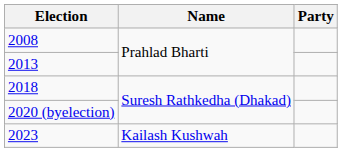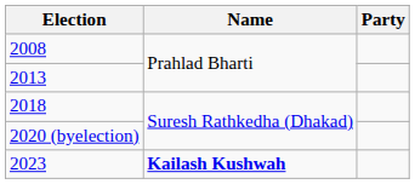 <table class="wikitable sortable">
 <tr>
 <th>Election</th>
 <th>Name</th>
 <th colspan="2">Party</th>
 </tr>
 <tr>
 <td><a href='#'>2008</a></td>
 <td rowspan= 2>Prahlad Bharti</td>
 <td></td>
 </tr>
 <tr>
 <td><a href='#'>2013</a></td>
 </tr>
 <tr>
 <td><a href='#'>2018</a></td>
 <td rowspan=2><a href='#'>Suresh Rathkedha (Dhakad)</a></td>
 <td></td>
 </tr>
 <tr>
 <td><a href='#'>2020 (byelection)</a></td>
 <td></td>
 </tr>
 <tr>
 <td><a href='#'>2023</a></td>
-<td><a href='#'>Kailash Kushwah</a></td>
+<td><strong><a href='#'>Kailash Kushwah</a></strong></td>
 <td></td>
 </tr>
 </table>
